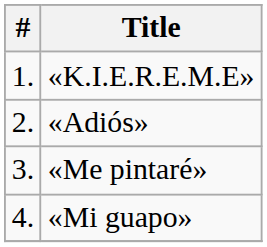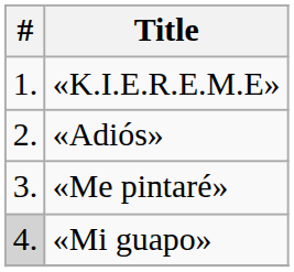 <table class="wikitable">
 <tr>
 <th>#</th>
 <th>Title</th>
 </tr>
 <tr>
 <td>1.</td>
 <td>«K.I.E.R.E.M.E»</td>
 </tr>
 <tr>
 <td>2.</td>
 <td>«Adiós»</td>
 </tr>
 <tr>
 <td>3.</td>
 <td>«Me pintaré»</td>
 </tr>
 <tr>
-<td>4.</td>
+<td style="background: lightgrey;">4.</td>
 <td>«Mi guapo»</td>
 </tr>
 <tr>
 </tr>
 </table>
